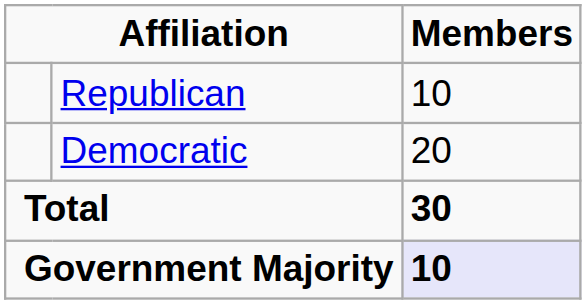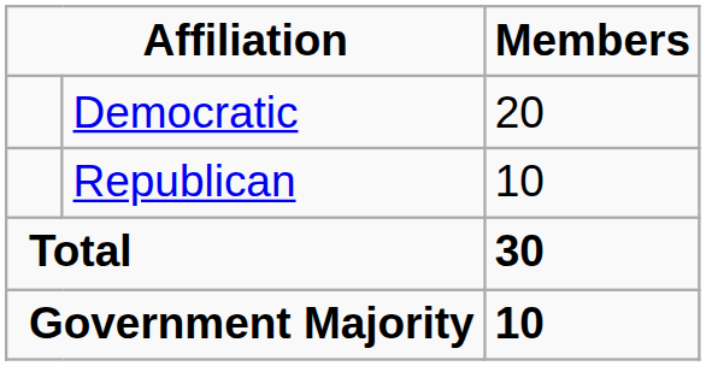 <table class="wikitable">
 <tr>
 <td colspan="2" rowspan="1" align="center" valign="top"><strong>Affiliation</strong></td>
 <td style="vertical-align:top;"><strong>Members</strong></td>
 </tr>
 <tr>
 <td style="background-color:"> </td>
-<td><a href='#'>Republican</a></td>
-<td>10</td>
+<td><a href='#'>Democratic</a></td>
+<td>20</td>
 </tr>
 <tr>
 <td style="background-color:"> </td>
-<td><a href='#'>Democratic</a></td>
-<td>20</td>
+<td><a href='#'>Republican</a></td>
+<td>10</td>
 </tr>
 <tr>
 <td colspan="2" rowspan="1"> <strong>Total</strong></td>
 <td><strong>30</strong></td>
 </tr>
 <tr>
 <td colspan="2" rowspan="1"> <strong>Government Majority</strong></td>
-<td style="background: lavender;"><strong>10</strong></td>
+<td><strong>10</strong></td>
 </tr>
 </table>
